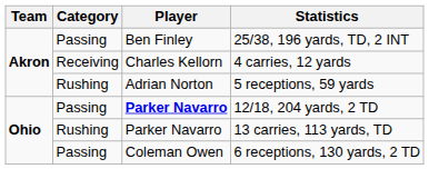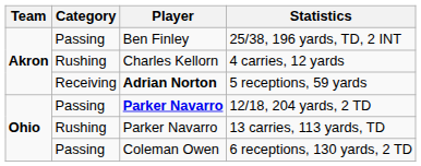 <table class="wikitable" style="float: right;">
 <tr>
 <th>Team</th>
 <th>Category</th>
 <th>Player</th>
 <th>Statistics</th>
 </tr>
 <tr>
 <td rowspan=3><strong>Akron</strong></td>
 <td>Passing</td>
 <td>Ben Finley</td>
 <td>25/38, 196 yards, TD, 2 INT</td>
 </tr>
 <tr>
-<td>Receiving</td>
+<td>Rushing</td>
 <td>Charles Kellorn</td>
 <td>4 carries, 12 yards</td>
 </tr>
 <tr>
-<td>Rushing</td>
-<td>Adrian Norton</td>
+<td>Receiving</td>
+<td><strong>Adrian Norton</strong></td>
 <td>5 receptions, 59 yards</td>
 </tr>
 <tr>
 <td rowspan=3><strong>Ohio</strong></td>
 <td>Passing</td>
 <td><strong><a href='#'>Parker Navarro</a></strong></td>
 <td>12/18, 204 yards, 2 TD</td>
 </tr>
 <tr>
 <td>Rushing</td>
 <td>Parker Navarro</td>
 <td>13 carries, 113 yards, TD</td>
 </tr>
 <tr>
 <td>Passing</td>
 <td>Coleman Owen</td>
 <td>6 receptions, 130 yards, 2 TD</td>
 </tr>
 </table>
